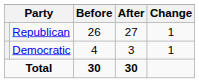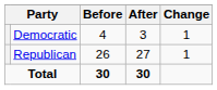 <table class="wikitable" style="text-align:center;">
 <tr>
 </tr>
 <tr>
 <th colspan=2>Party</th>
 <th>Before</th>
 <th>After</th>
 <th>Change</th>
 </tr>
 <tr>
 <th style="background-color:"></th>
-<td style="text-align:left;"><a href='#'>Republican</a></td>
-<td>26</td>
-<td>27</td>
+<td style="text-align:left;"><a href='#'>Democratic</a></td>
+<td>4</td>
+<td>3</td>
 <td> 1</td>
 </tr>
 <tr>
 <th style="background-color:"></th>
-<td style="text-align:left;"><a href='#'>Democratic</a></td>
-<td>4</td>
-<td>3</td>
+<td style="text-align:left;"><a href='#'>Republican</a></td>
+<td>26</td>
+<td>27</td>
 <td> 1</td>
 </tr>
 <tr>
 <td colspan=2><strong>Total</strong></td>
 <td><strong>30</strong></td>
 <td><strong>30</strong></td>
 <td></td>
 </tr>
 </table>
